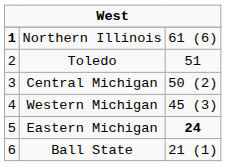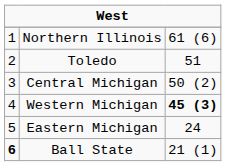 <table class="wikitable" style="display: inline-table;">
 <tr align="center">
 <td align="center" Colspan="3"><strong>West</strong></td>
 </tr>
 <tr align="center">
 </tr>
 <tr align="center">
-<td><strong>1</strong></td>
+<td>1</td>
 <td>Northern Illinois</td>
 <td>61 (6)</td>
 </tr>
 <tr align="center">
 <td>2</td>
 <td>Toledo</td>
 <td>51</td>
 </tr>
 <tr align="center">
 <td>3</td>
 <td>Central Michigan</td>
 <td>50 (2)</td>
 </tr>
 <tr align="center">
 <td>4</td>
 <td>Western Michigan</td>
-<td>45 (3)</td>
+<td><strong>45 (3)</strong></td>
 </tr>
 <tr align="center">
 <td>5</td>
 <td>Eastern Michigan</td>
-<td><strong>24</strong></td>
+<td>24</td>
 </tr>
 <tr align="center">
-<td>6</td>
+<td><strong>6</strong></td>
 <td>Ball State</td>
 <td>21 (1)</td>
 </tr>
 </table>
